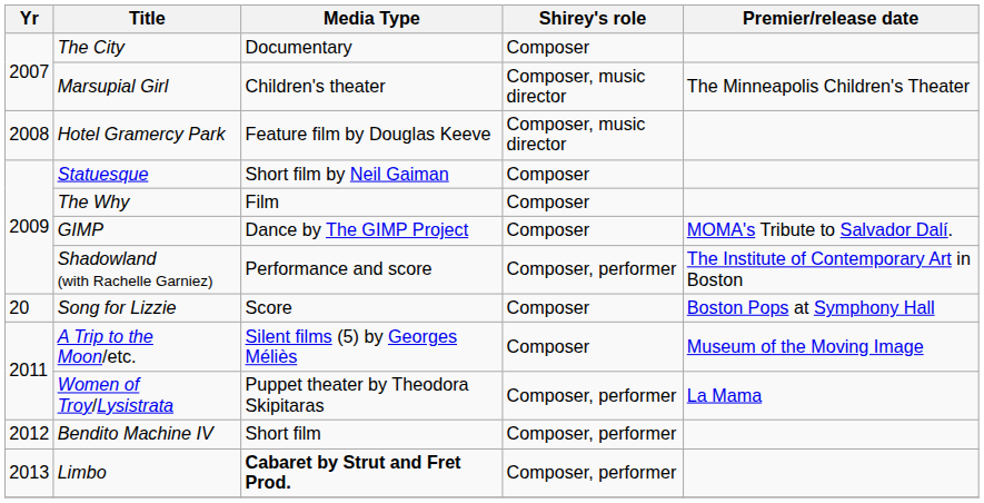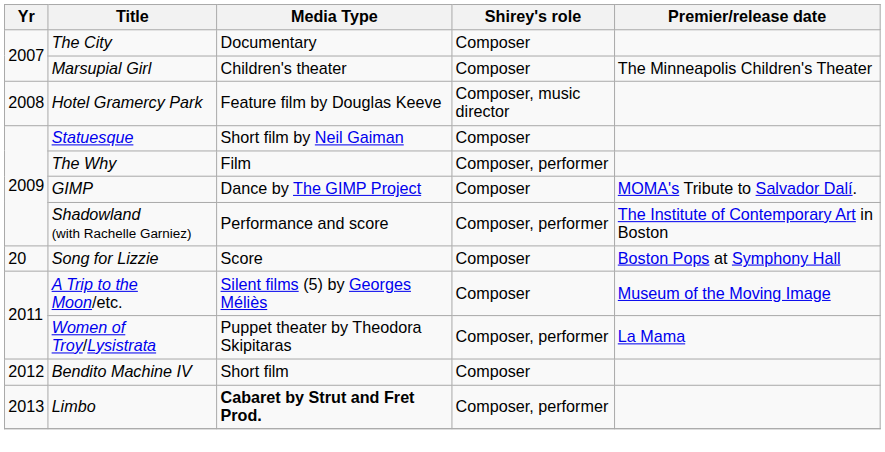 <table class="wikitable sortable" style="text-align:left;">
 <tr>
 <th scope="col" rowspan="1">Yr</th>
 <th scope="col" rowspan="1">Title</th>
 <th scope="col" rowspan="1">Media Type</th>
 <th scope="col" rowspan="1">Shirey's role</th>
 <th scope="col" rowspan="1">Premier/release date</th>
 </tr>
 <tr>
 <td rowspan="2">2007</td>
 <td><em> The City    </em></td>
 <td>Documentary</td>
 <td>Composer</td>
 <td></td>
 </tr>
 <tr>
 <td><em>Marsupial Girl</em></td>
 <td>Children's theater</td>
-<td>Composer, music director</td>
+<td>Composer</td>
 <td>The Minneapolis Children's Theater</td>
 </tr>
 <tr>
 <td rowspan="1">2008</td>
 <td><em>Hotel Gramercy Park</em></td>
 <td>Feature film by Douglas Keeve</td>
 <td>Composer, music director</td>
 <td></td>
 </tr>
 <tr>
 <td rowspan="4">2009</td>
 <td><em>  <a href='#'>Statuesque</a>     </em></td>
 <td>Short film by <a href='#'>Neil Gaiman</a></td>
 <td>Composer</td>
 <td></td>
 </tr>
 <tr>
 <td><em>The Why</em></td>
 <td>Film</td>
-<td>Composer</td>
+<td>Composer, performer</td>
 <td></td>
 </tr>
 <tr>
 <td><em>GIMP</em></td>
 <td>Dance by <a href='#'>The GIMP Project</a></td>
 <td>Composer</td>
 <td><a href='#'>MOMA's</a> Tribute to <a href='#'>Salvador Dalí</a>.</td>
 </tr>
 <tr>
 <td><em>Shadowland</em><br><small>(with Rachelle Garniez)</small></td>
 <td>Performance and score</td>
 <td>Composer, performer</td>
 <td><a href='#'>The Institute of Contemporary Art</a> in Boston</td>
 </tr>
 <tr>
 <td rowspan="1">20</td>
 <td><em>Song for Lizzie</em></td>
 <td>Score</td>
 <td>Composer</td>
 <td><a href='#'>Boston Pops</a> at <a href='#'>Symphony Hall</a></td>
 </tr>
 <tr>
 <td rowspan="2">2011</td>
 <td><em><a href='#'>A Trip to the Moon</a></em>/etc.</td>
 <td><a href='#'>Silent films</a> (5) by <a href='#'>Georges Méliès</a></td>
 <td>Composer</td>
 <td><a href='#'>Museum of the Moving Image</a></td>
 </tr>
 <tr>
 <td><em><a href='#'>Women of Troy</a></em>/<em><a href='#'>Lysistrata</a></em></td>
 <td>Puppet theater by Theodora Skipitaras</td>
 <td>Composer, performer</td>
 <td><a href='#'>La Mama</a></td>
 </tr>
 <tr>
 <td rowspan="1">2012</td>
 <td><em>  Bendito Machine IV    </em></td>
 <td>Short film</td>
-<td>Composer, performer</td>
+<td>Composer</td>
 <td></td>
 </tr>
 <tr>
 <td rowspan="1">2013</td>
 <td><em>Limbo</em></td>
 <td><strong>Cabaret by Strut and Fret Prod.</strong></td>
 <td>Composer, performer</td>
 <td></td>
 </tr>
 <tr>
 </tr>
 </table>
